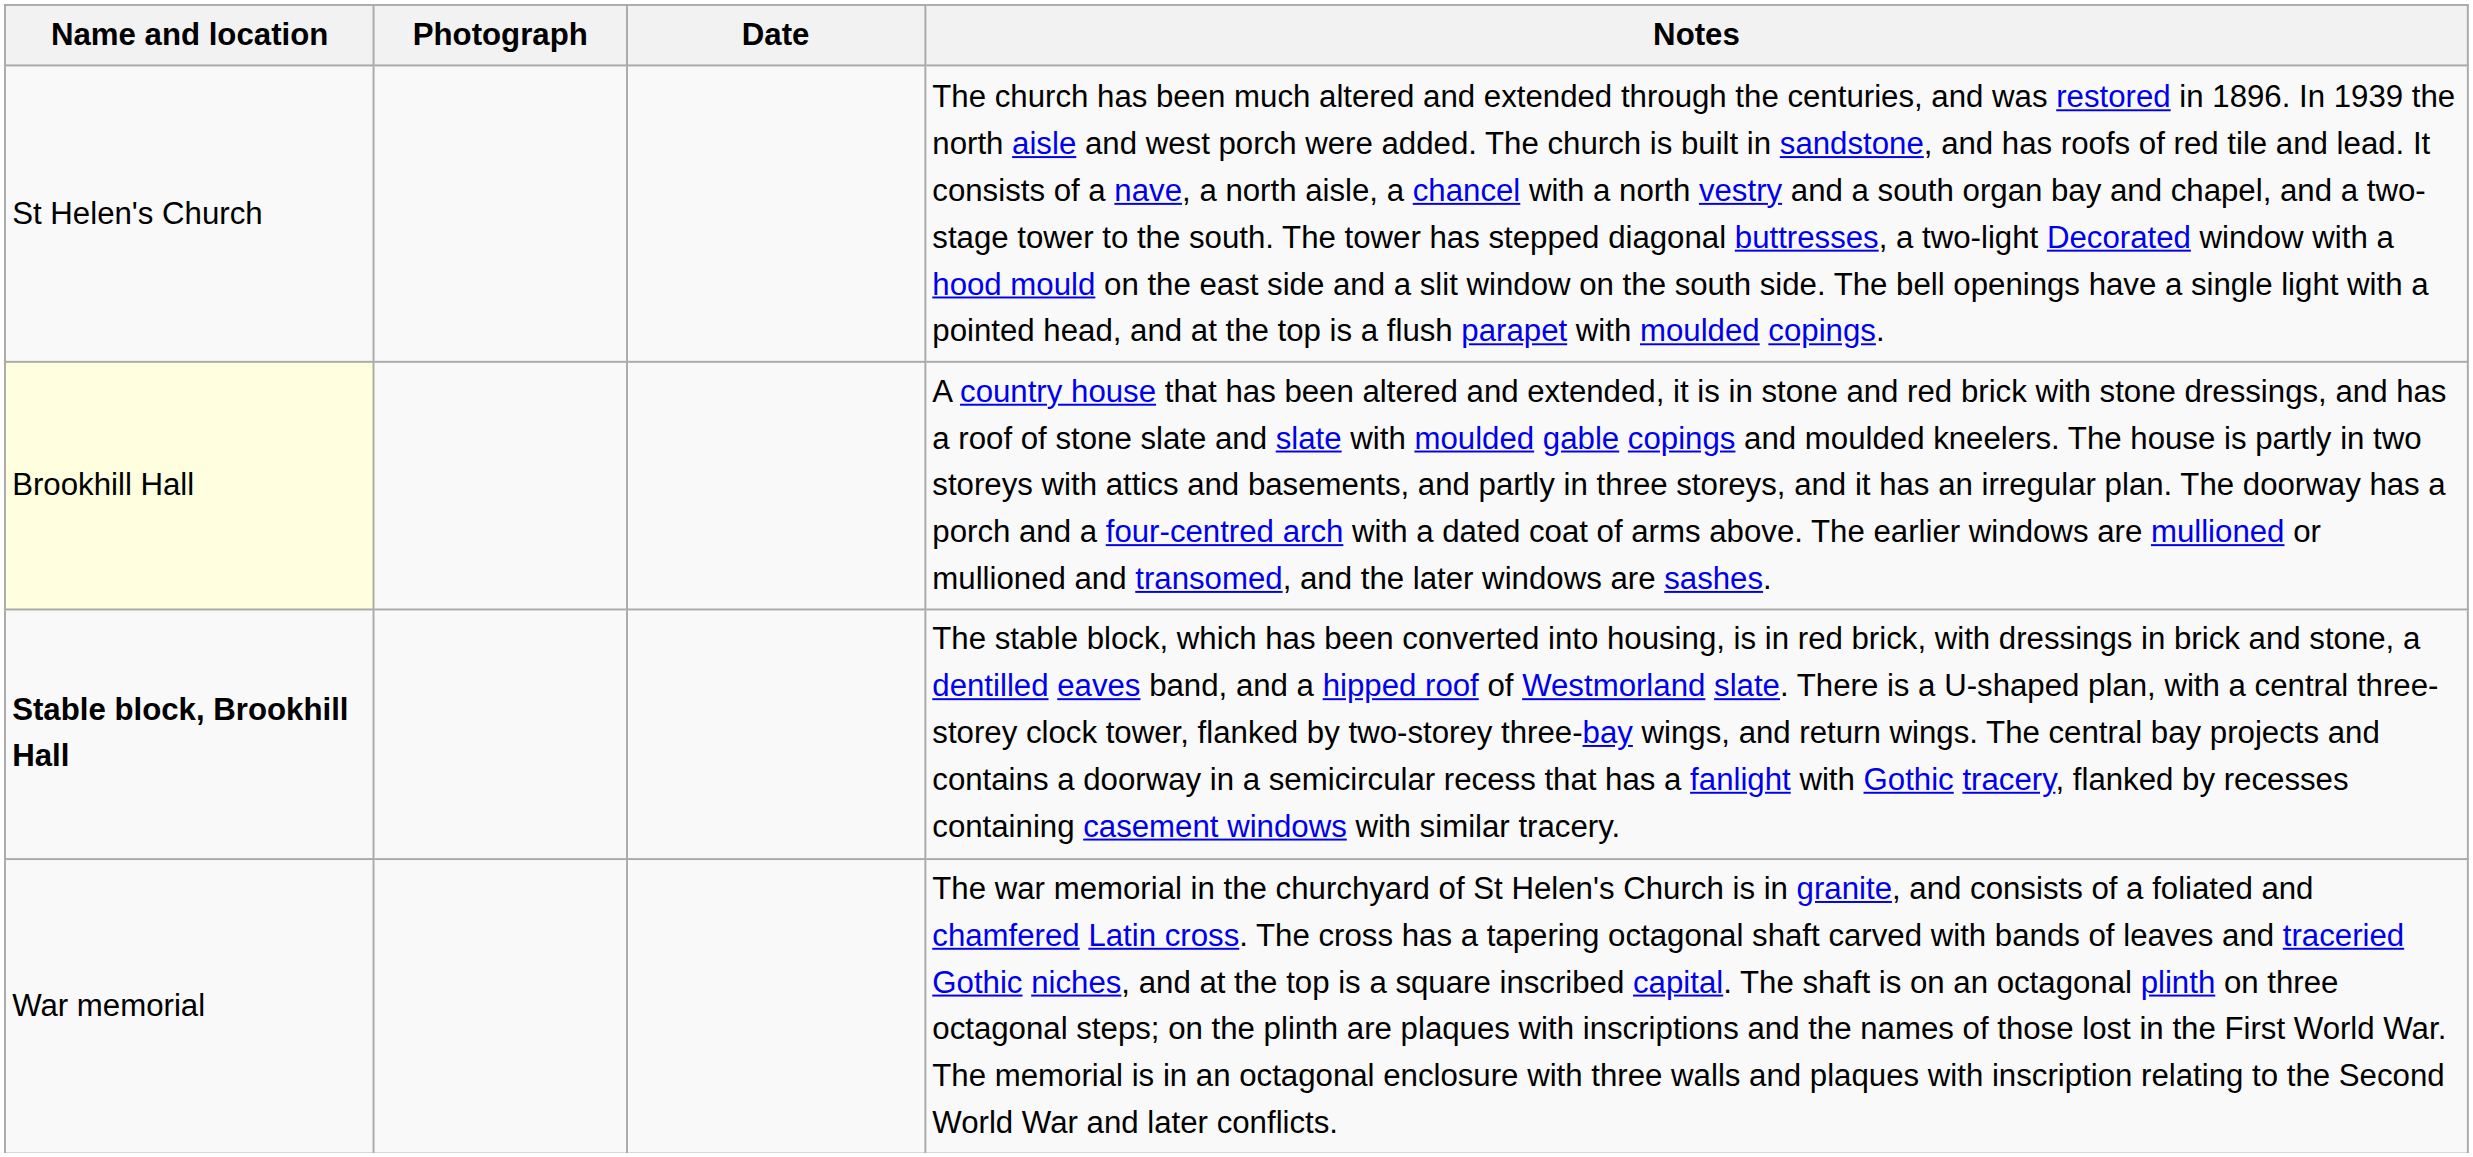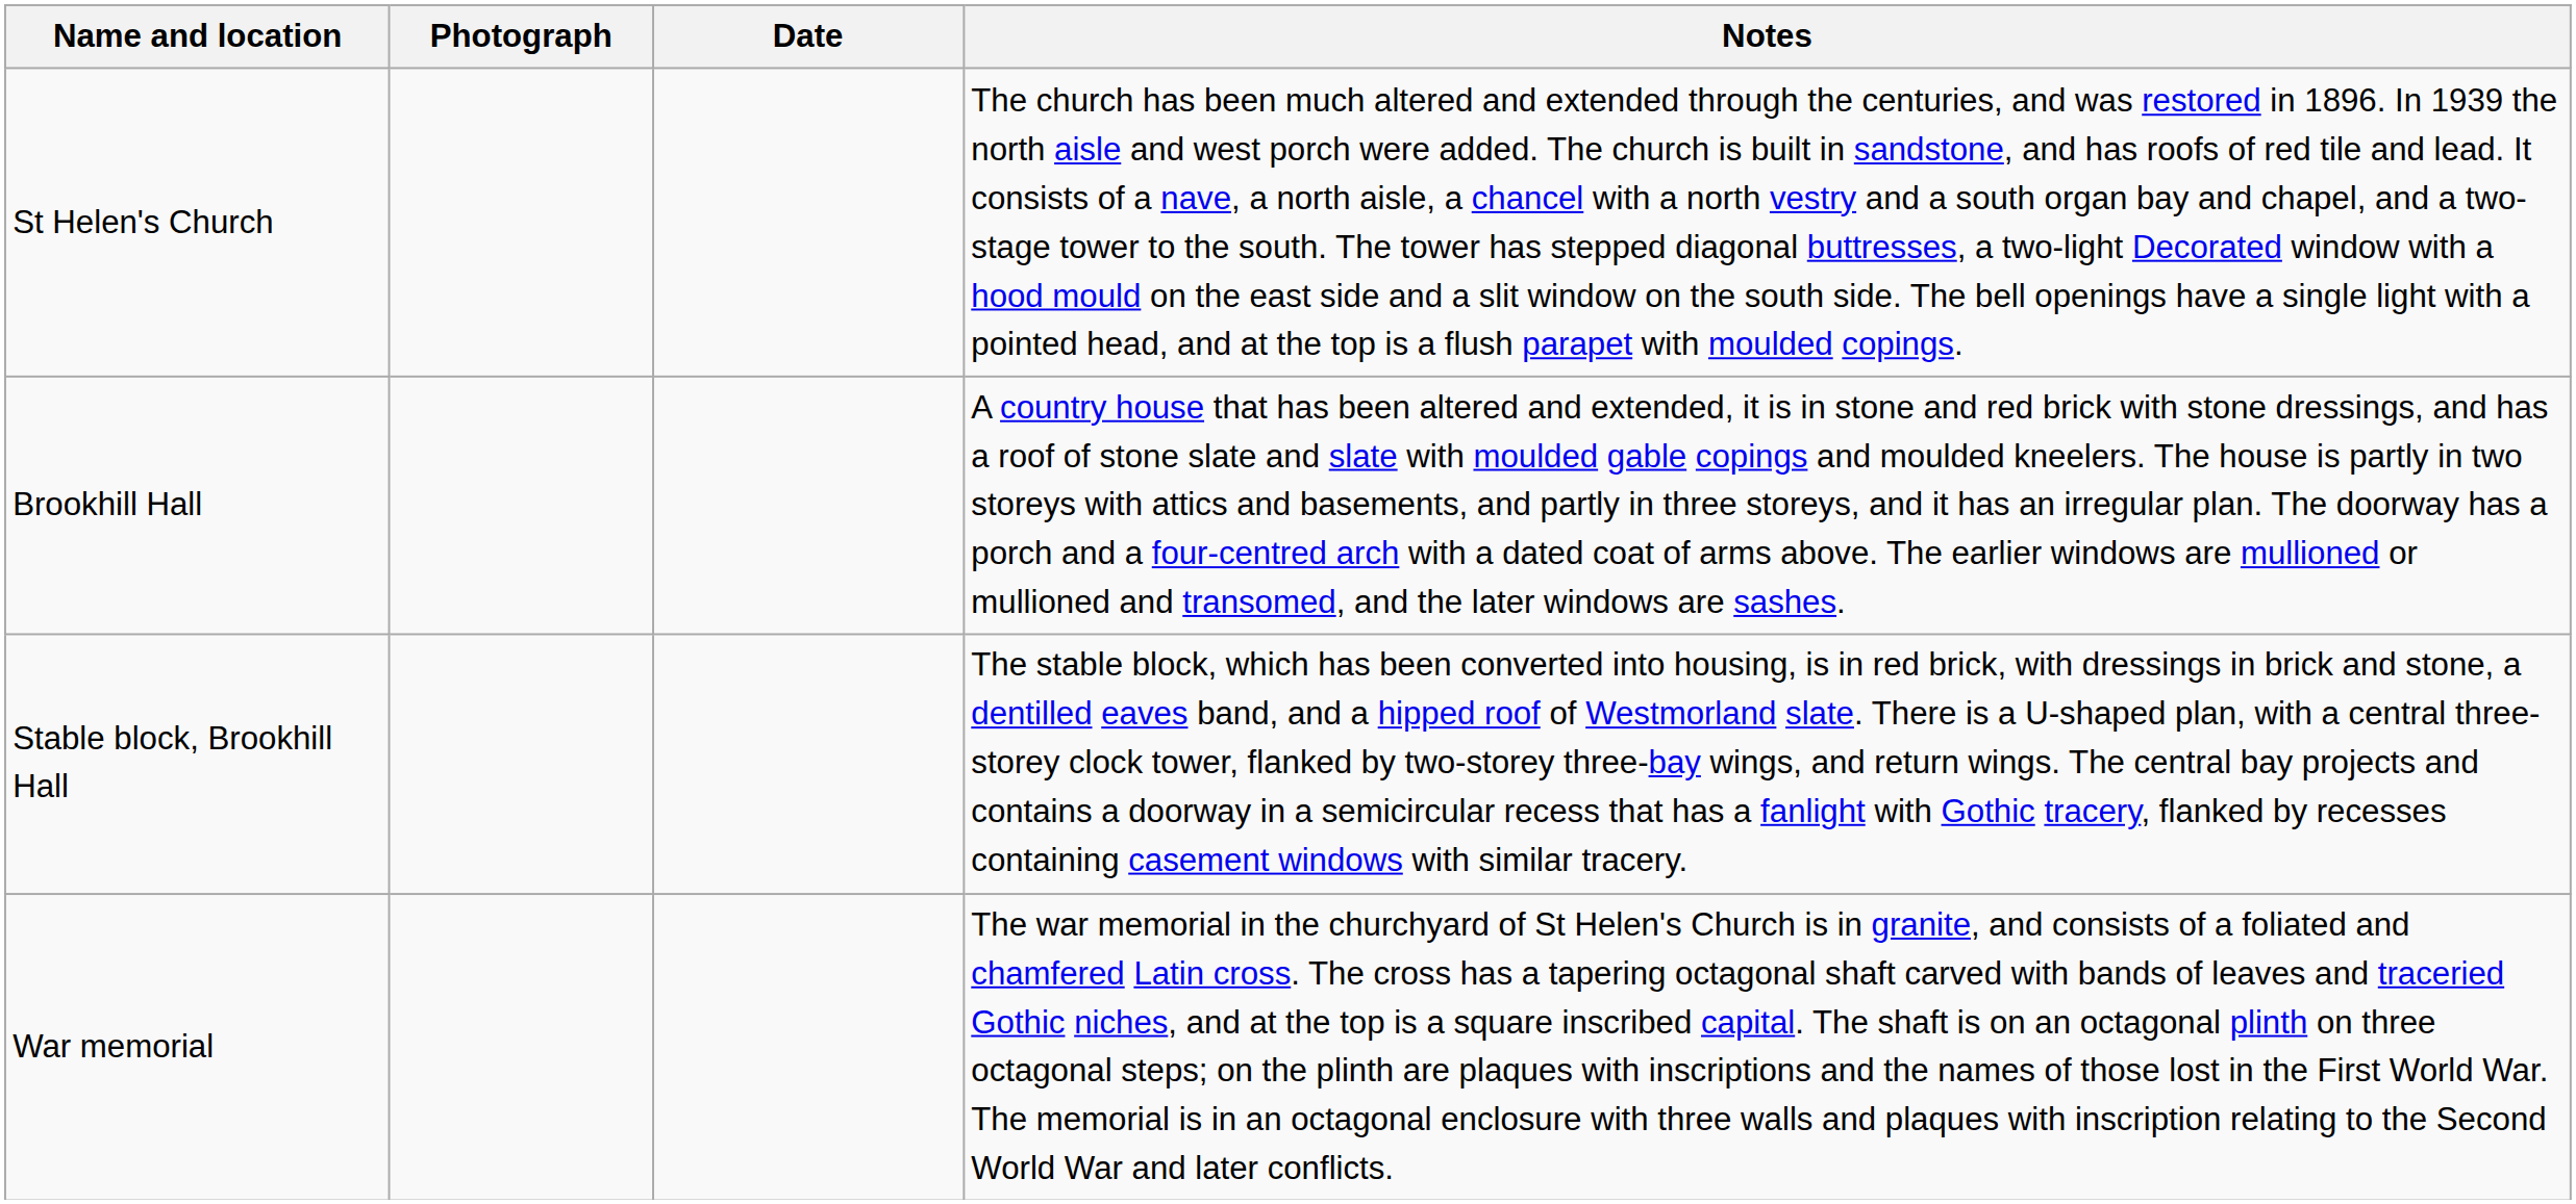 <table class="wikitable sortable plainrowheaders" style="width:100%;border:0px;text-align:left;line-height:150%;">
 <tr>
 <th scope="col"  style="width:150px">Name and location</th>
 <th scope="col"  style="width:100px" class="unsortable">Photograph</th>
 <th scope="col"  style="width:120px">Date</th>
 <th scope="col"  style="width:650px" class="unsortable">Notes</th>
 </tr>
 <tr>
 <td>St Helen's Church<br><small></small></td>
 <td></td>
 <td align="center"></td>
 <td>The church has been much altered and extended through the centuries, and was <a href='#'>restored</a> in 1896.  In 1939 the north <a href='#'>aisle</a> and west porch were added.  The church is built in <a href='#'>sandstone</a>, and has roofs of red tile and lead.  It consists of a <a href='#'>nave</a>, a north aisle, a <a href='#'>chancel</a> with a north <a href='#'>vestry</a> and a south organ bay and chapel, and a two-stage tower to the south.  The tower has stepped diagonal <a href='#'>buttresses</a>, a two-light <a href='#'>Decorated</a> window with a <a href='#'>hood mould</a> on the east side and a slit window on the south side.  The bell openings have a single light with a pointed head, and at the top is a flush <a href='#'>parapet</a> with <a href='#'>moulded</a> <a href='#'>copings</a>.</td>
 </tr>
 <tr>
-<td style="background: lightyellow;">Brookhill Hall<br><small></small></td>
+<td>Brookhill Hall<br><small></small></td>
 <td></td>
 <td align="center"></td>
 <td>A <a href='#'>country house</a> that has been altered and extended, it is in stone and red brick with stone dressings, and has a roof of stone slate and <a href='#'>slate</a> with <a href='#'>moulded</a> <a href='#'>gable</a> <a href='#'>copings</a> and moulded kneelers.  The house is partly in two storeys with attics and basements, and partly in three storeys, and it has an irregular plan.  The doorway has a porch and a <a href='#'>four-centred arch</a> with a dated coat of arms above. The earlier windows are <a href='#'>mullioned</a> or mullioned and <a href='#'>transomed</a>, and the later windows are <a href='#'>sashes</a>.</td>
 </tr>
 <tr>
-<td><strong>Stable block, Brookhill Hall<br><small></small></strong></td>
+<td>Stable block, Brookhill Hall<br><small></small></td>
 <td></td>
 <td align="center"></td>
 <td>The stable block, which has been converted into housing, is in red brick, with dressings in brick and stone, a <a href='#'>dentilled</a> <a href='#'>eaves</a> band, and a <a href='#'>hipped roof</a> of <a href='#'>Westmorland</a> <a href='#'>slate</a>.  There is a U-shaped plan, with a central three-storey clock tower, flanked by two-storey three-<a href='#'>bay</a> wings, and return wings.  The central bay projects and contains a doorway in a semicircular recess that has a <a href='#'>fanlight</a> with <a href='#'>Gothic</a> <a href='#'>tracery</a>, flanked by recesses containing <a href='#'>casement windows</a> with similar tracery.</td>
 </tr>
 <tr>
 <td>War memorial<br><small></small></td>
 <td></td>
 <td align="center"></td>
 <td>The war memorial in the churchyard of St Helen's Church is in <a href='#'>granite</a>, and consists of a foliated and <a href='#'>chamfered</a> <a href='#'>Latin cross</a>.  The cross has a tapering octagonal shaft carved with bands of leaves and <a href='#'>traceried</a> <a href='#'>Gothic</a> <a href='#'>niches</a>, and at the top is a square inscribed <a href='#'>capital</a>.  The shaft is on an octagonal <a href='#'>plinth</a> on three octagonal steps; on the plinth are plaques with inscriptions and the names of those lost in the First World War.  The memorial is in an octagonal enclosure with three walls and plaques with inscription relating to the Second World War and later conflicts.</td>
 </tr>
 <tr>
 </tr>
 </table>
